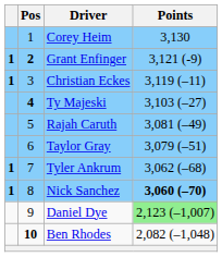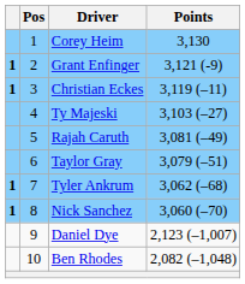 <table class="wikitable" style="font-size: 95%;">
 <tr>
 <th></th>
 <th>Pos</th>
 <th>Driver</th>
 <th>Points</th>
 </tr>
 <tr style="background:#87CEFA;">
 <td align="left"></td>
 <td style="text-align:center;">1</td>
 <td><a href='#'>Corey Heim</a></td>
 <td style="text-align:center;">3,130</td>
 </tr>
 <tr style="background:#87CEFA;">
 <td align="left"> <strong>1</strong></td>
-<td style="text-align:center;"><strong>2</strong></td>
+<td style="text-align:center;">2</td>
 <td><a href='#'>Grant Enfinger</a></td>
 <td style="text-align:center;">3,121 (-9)</td>
 </tr>
 <tr style="background:#87CEFA;">
 <td align="left"> <strong>1</strong></td>
 <td style="text-align:center;">3</td>
 <td><a href='#'>Christian Eckes</a></td>
 <td style="text-align:center;">3,119 (–11)</td>
 </tr>
 <tr style="background:#87CEFA;">
 <td align="left"></td>
-<td style="text-align:center;"><strong>4</strong></td>
+<td style="text-align:center;">4</td>
 <td><a href='#'>Ty Majeski</a></td>
 <td style="text-align:center;">3,103 (–27)</td>
 </tr>
 <tr style="background:#87CEFA;">
 <td align="left"></td>
 <td style="text-align:center;">5</td>
 <td><a href='#'>Rajah Caruth</a></td>
 <td style="text-align:center;">3,081 (–49)</td>
 </tr>
 <tr style="background:#87CEFA;">
 <td align="left"></td>
 <td style="text-align:center;">6</td>
 <td><a href='#'>Taylor Gray</a></td>
 <td style="text-align:center;">3,079 (–51)</td>
 </tr>
 <tr style="background:#87CEFA;">
 <td align="left"> <strong>1</strong></td>
 <td style="text-align:center;">7</td>
 <td><a href='#'>Tyler Ankrum</a></td>
 <td style="text-align:center;">3,062 (–68)</td>
 </tr>
 <tr style="background:#87CEFA;">
 <td align="left"> <strong>1</strong></td>
 <td style="text-align:center;">8</td>
 <td><a href='#'>Nick Sanchez</a></td>
-<td style="text-align:center;"><strong>3,060 (–70)</strong></td>
+<td style="text-align:center;">3,060 (–70)</td>
 </tr>
 <tr>
 <td align="left"></td>
 <td style="text-align:center;">9</td>
 <td><a href='#'>Daniel Dye</a></td>
-<td style="background: lightgreen; text-align:center;">2,123 (–1,007)</td>
+<td style="text-align:center;">2,123 (–1,007)</td>
 </tr>
 <tr>
 <td align="left"></td>
-<td style="text-align:center;"><strong>10</strong></td>
+<td style="text-align:center;">10</td>
 <td><a href='#'>Ben Rhodes</a></td>
 <td style="text-align:center;">2,082 (–1,048)</td>
 </tr>
 <tr class="sortbottom">
 <th colspan="9"></th>
 </tr>
 </table>
